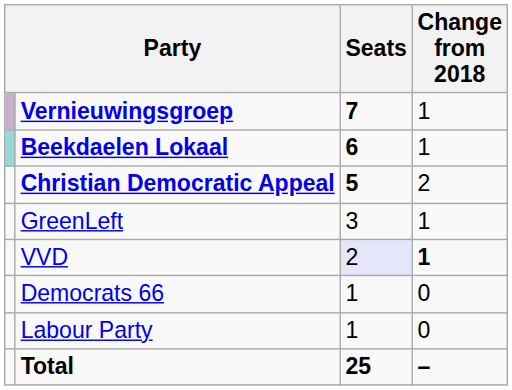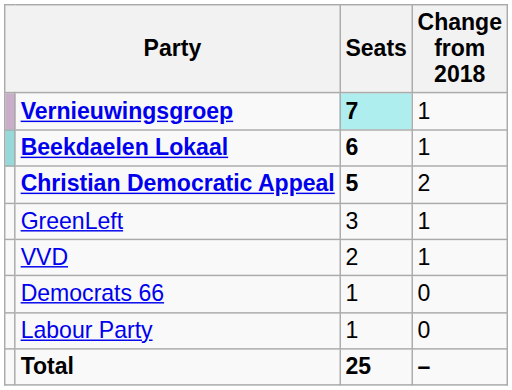 <table class="wikitable">
 <tr>
 <th colspan=2>Party</th>
 <th>Seats</th>
 <th>Change<br>from<br>2018</th>
 </tr>
 <tr>
 <td bgcolor="C9AEC9"></td>
 <td><strong><a href='#'>Vernieuwingsgroep</a></strong></td>
-<td><strong>7</strong></td>
+<td style="background: paleturquoise;"><strong>7</strong></td>
 <td> 1</td>
 </tr>
 <tr>
 <td bgcolor="97D9DB"></td>
 <td><strong><a href='#'>Beekdaelen Lokaal</a></strong></td>
 <td><strong>6</strong></td>
 <td> 1</td>
 </tr>
 <tr>
 <td style="color:inherit;background:"></td>
 <td><strong><a href='#'>Christian Democratic Appeal</a></strong></td>
 <td><strong>5</strong></td>
 <td> 2</td>
 </tr>
 <tr>
 <td style="color:inherit;background:"></td>
 <td><a href='#'>GreenLeft</a></td>
 <td>3</td>
 <td> 1</td>
 </tr>
 <tr>
 <td style="color:inherit;background:"></td>
 <td><a href='#'>VVD</a></td>
-<td style="background: lavender;">2</td>
-<td><strong> 1</strong></td>
+<td>2</td>
+<td> 1</td>
 </tr>
 <tr>
 <td style="color:inherit;background:"></td>
 <td><a href='#'>Democrats 66</a></td>
 <td>1</td>
 <td> 0</td>
 </tr>
 <tr>
 <td style="color:inherit;background:"></td>
 <td><a href='#'>Labour Party</a></td>
 <td>1</td>
 <td> 0</td>
 </tr>
 <tr>
 <td></td>
 <td><strong>Total</strong></td>
 <td><strong>25</strong></td>
 <td><strong>–</strong></td>
 </tr>
 </table>
